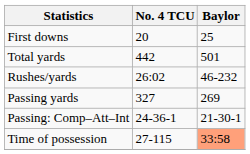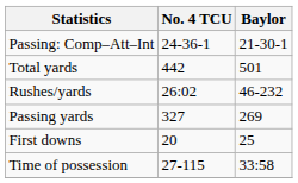 <table class="wikitable" style="float: left;">
 <tr>
 <th>Statistics</th>
 <th>No. 4 TCU</th>
 <th>Baylor</th>
 </tr>
 <tr>
-<td>First downs</td>
-<td>20</td>
-<td>25</td>
+<td>Passing: Comp–Att–Int</td>
+<td>24-36-1</td>
+<td>21-30-1</td>
 </tr>
 <tr>
 <td>Total yards</td>
 <td>442</td>
 <td>501</td>
 </tr>
 <tr>
 <td>Rushes/yards</td>
 <td>26:02</td>
 <td>46-232</td>
 </tr>
 <tr>
 <td>Passing yards</td>
 <td>327</td>
 <td>269</td>
 </tr>
 <tr>
-<td>Passing: Comp–Att–Int</td>
-<td>24-36-1</td>
-<td>21-30-1</td>
+<td>First downs</td>
+<td>20</td>
+<td>25</td>
 </tr>
 <tr>
 <td>Time of possession</td>
 <td>27-115</td>
-<td style="background: lightsalmon;">33:58</td>
+<td>33:58</td>
 </tr>
 <tr>
 </tr>
 </table>
